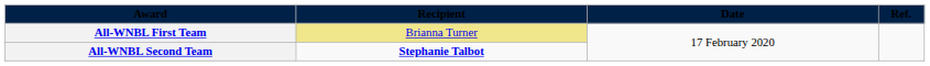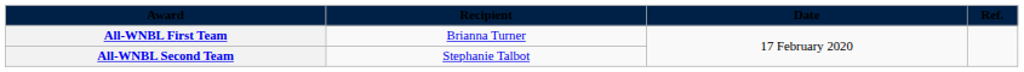 <table class="wikitable sortable sortable" style="text-align: center">
 <tr>
 <th style="background: #002147" width="10%"><span>Award</span></th>
 <th style="background: #002147" width="10%"><span>Recipient</span></th>
 <th style="background: #002147" width="10%"><span>Date</span></th>
 <th style="background: #002147" width="1%" class="unsortable"><span>Ref.</span></th>
 </tr>
 <tr>
 <th rowspan=1><a href='#'>All-WNBL First Team</a></th>
-<td style="background: khaki;"><a href='#'>Brianna Turner</a></td>
+<td><a href='#'>Brianna Turner</a></td>
 <td rowspan=2>17 February 2020</td>
 <td rowspan=2></td>
 </tr>
 <tr>
 <th rowspan=1><a href='#'>All-WNBL Second Team</a></th>
-<td><strong><a href='#'>Stephanie Talbot</a></strong></td>
+<td><a href='#'>Stephanie Talbot</a></td>
 </tr>
 </table>
